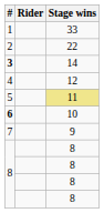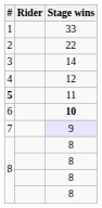 <table class="wikitable sortable">
 <tr>
 <th>#</th>
 <th>Rider</th>
 <th>Stage wins</th>
 </tr>
 <tr>
 <td>1</td>
 <td></td>
 <td align="center">33</td>
 </tr>
 <tr>
 <td>2</td>
 <td></td>
 <td align="center">22</td>
 </tr>
 <tr>
-<td><strong>3</strong></td>
+<td>3</td>
 <td></td>
 <td align="center">14</td>
 </tr>
 <tr>
 <td>4</td>
 <td></td>
 <td align="center">12</td>
 </tr>
 <tr>
-<td>5</td>
+<td><strong>5</strong></td>
 <td></td>
-<td align="center" style="background: khaki;">11</td>
+<td align="center">11</td>
 </tr>
 <tr>
-<td><strong>6</strong></td>
+<td>6</td>
 <td></td>
-<td align="center">10</td>
+<td align="center"><strong>10</strong></td>
 </tr>
 <tr>
 <td>7</td>
 <td></td>
-<td align="center">9</td>
+<td align="center" style="background: lavender;">9</td>
 </tr>
 <tr>
 <td rowspan=4>8</td>
 <td></td>
 <td align="center">8</td>
 </tr>
 <tr>
 <td></td>
 <td align="center">8</td>
 </tr>
 <tr>
 <td></td>
 <td align="center">8</td>
 </tr>
 <tr>
 <td></td>
 <td align="center">8</td>
 </tr>
 </table>
